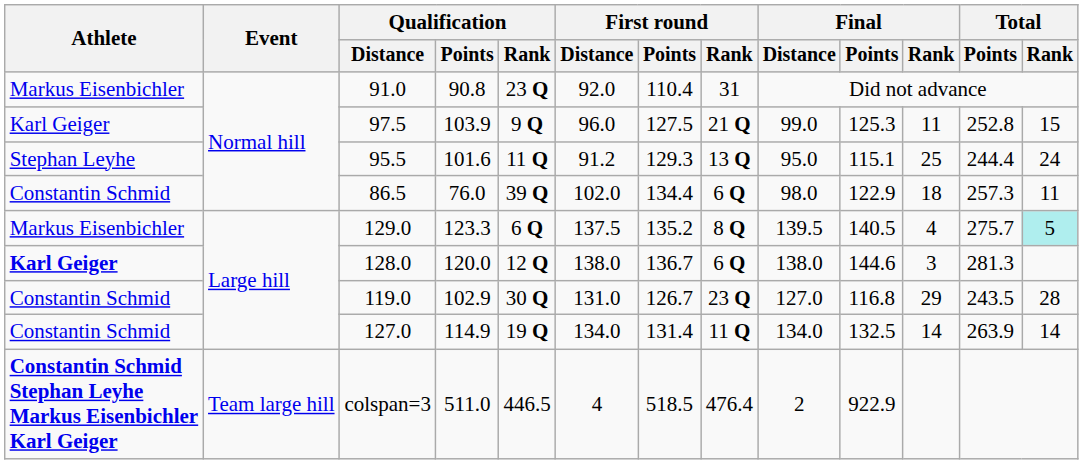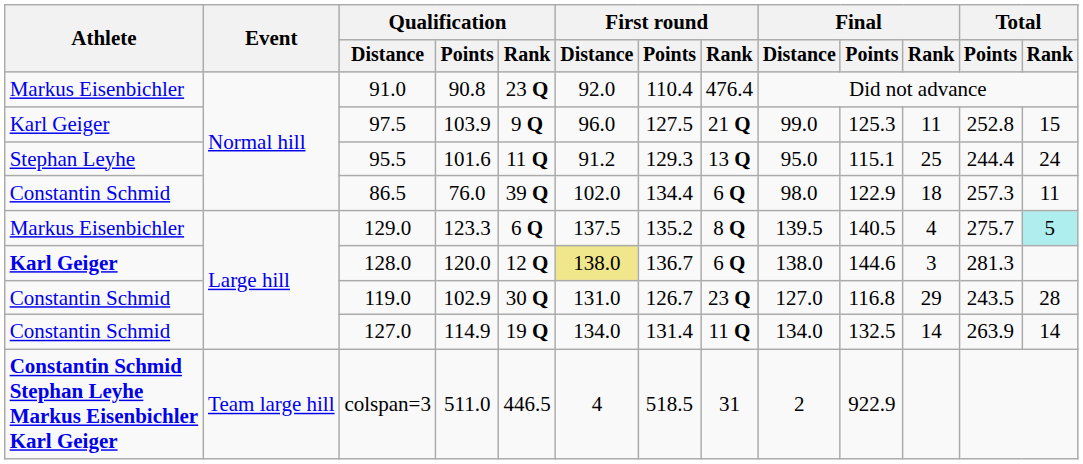 <table class="wikitable" style="font-size:90%">
 <tr>
 <th rowspan=2>Athlete</th>
 <th rowspan=2>Event</th>
 <th colspan=3>Qualification</th>
 <th colspan=3>First round</th>
 <th colspan=3>Final</th>
 <th colspan=2>Total</th>
 </tr>
 <tr style="font-size:95%">
 <th>Distance</th>
 <th>Points</th>
 <th>Rank</th>
 <th>Distance</th>
 <th>Points</th>
 <th>Rank</th>
 <th>Distance</th>
 <th>Points</th>
 <th>Rank</th>
 <th>Points</th>
 <th>Rank</th>
 </tr>
 <tr align=center>
 <td align=left><a href='#'>Markus Eisenbichler</a></td>
 <td align=left rowspan=4><a href='#'>Normal hill</a></td>
 <td>91.0</td>
 <td>90.8</td>
 <td>23 <strong>Q</strong></td>
 <td>92.0</td>
 <td>110.4</td>
-<td>31</td>
+<td>476.4</td>
 <td colspan=5>Did not advance</td>
 </tr>
 <tr align=center>
 <td align=left><a href='#'>Karl Geiger</a></td>
 <td>97.5</td>
 <td>103.9</td>
 <td>9 <strong>Q</strong></td>
 <td>96.0</td>
 <td>127.5</td>
 <td>21 <strong>Q</strong></td>
 <td>99.0</td>
 <td>125.3</td>
 <td>11</td>
 <td>252.8</td>
 <td>15</td>
 </tr>
 <tr align=center>
 <td align=left><a href='#'>Stephan Leyhe</a></td>
 <td>95.5</td>
 <td>101.6</td>
 <td>11 <strong>Q</strong></td>
 <td>91.2</td>
 <td>129.3</td>
 <td>13 <strong>Q</strong></td>
 <td>95.0</td>
 <td>115.1</td>
 <td>25</td>
 <td>244.4</td>
 <td>24</td>
 </tr>
 <tr align=center>
 <td align=left><a href='#'>Constantin Schmid</a></td>
 <td>86.5</td>
 <td>76.0</td>
 <td>39 <strong>Q</strong></td>
 <td>102.0</td>
 <td>134.4</td>
 <td>6 <strong>Q</strong></td>
 <td>98.0</td>
 <td>122.9</td>
 <td>18</td>
 <td>257.3</td>
 <td>11</td>
 </tr>
 <tr align=center>
 <td align=left><a href='#'>Markus Eisenbichler</a></td>
 <td align=left rowspan=4><a href='#'>Large hill</a></td>
 <td>129.0</td>
 <td>123.3</td>
 <td>6 <strong>Q</strong></td>
 <td>137.5</td>
 <td>135.2</td>
 <td>8 <strong>Q</strong></td>
 <td>139.5</td>
 <td>140.5</td>
 <td>4</td>
 <td>275.7</td>
 <td style="background: paleturquoise;">5</td>
 </tr>
 <tr align=center>
 <td align=left><strong><a href='#'>Karl Geiger</a></strong></td>
 <td>128.0</td>
 <td>120.0</td>
 <td>12 <strong>Q</strong></td>
-<td>138.0</td>
+<td style="background: khaki;">138.0</td>
 <td>136.7</td>
 <td>6 <strong>Q</strong></td>
 <td>138.0</td>
 <td>144.6</td>
 <td>3</td>
 <td>281.3</td>
 <td></td>
 </tr>
 <tr align=center>
 <td align=left><a href='#'>Constantin Schmid</a></td>
 <td>119.0</td>
 <td>102.9</td>
 <td>30 <strong>Q</strong></td>
 <td>131.0</td>
 <td>126.7</td>
 <td>23 <strong>Q</strong></td>
 <td>127.0</td>
 <td>116.8</td>
 <td>29</td>
 <td>243.5</td>
 <td>28</td>
 </tr>
 <tr align=center>
 <td align=left><a href='#'>Constantin Schmid</a></td>
 <td>127.0</td>
 <td>114.9</td>
 <td>19 <strong>Q</strong></td>
 <td>134.0</td>
 <td>131.4</td>
 <td>11 <strong>Q</strong></td>
 <td>134.0</td>
 <td>132.5</td>
 <td>14</td>
 <td>263.9</td>
 <td>14</td>
 </tr>
 <tr align=center>
 <td align=left><strong><a href='#'>Constantin Schmid</a><br><a href='#'>Stephan Leyhe</a><br><a href='#'>Markus Eisenbichler</a><br><a href='#'>Karl Geiger</a></strong></td>
 <td align=left><a href='#'>Team large hill</a></td>
 <td>colspan=3</td>
 <td>511.0</td>
 <td>446.5</td>
 <td>4</td>
 <td>518.5</td>
-<td>476.4</td>
+<td>31</td>
 <td>2</td>
 <td>922.9</td>
 <td></td>
 </tr>
 </table>
